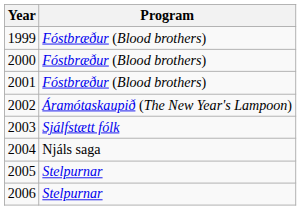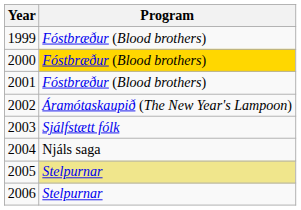 <table class="wikitable">
 <tr>
 <th>Year</th>
 <th>Program</th>
 </tr>
 <tr>
 <td>1999</td>
 <td><em><a href='#'>Fóstbræður</a></em> (<em>Blood brothers</em>)</td>
 </tr>
 <tr>
 <td>2000</td>
-<td><em><a href='#'>Fóstbræður</a></em> (<em>Blood brothers</em>)</td>
+<td style="background: gold;"><em><a href='#'>Fóstbræður</a></em> (<em>Blood brothers</em>)</td>
 </tr>
 <tr>
 <td>2001</td>
 <td><em><a href='#'>Fóstbræður</a></em> (<em>Blood brothers</em>)</td>
 </tr>
 <tr>
 <td>2002</td>
 <td><em><a href='#'>Áramótaskaupið</a></em> (<em>The New Year's Lampoon</em>)</td>
 </tr>
 <tr>
 <td>2003</td>
 <td><a href='#'><em>Sjálfstætt fólk</em></a></td>
 </tr>
 <tr>
 <td>2004</td>
 <td>Njáls saga</td>
 </tr>
 <tr>
 <td>2005</td>
-<td><em><a href='#'>Stelpurnar</a></em></td>
+<td style="background: khaki;"><em><a href='#'>Stelpurnar</a></em></td>
 </tr>
 <tr>
 <td>2006</td>
 <td><em><a href='#'>Stelpurnar</a></em></td>
 </tr>
 </table>
